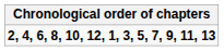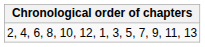 <table class="wikitable">
 <tr>
 <th>Chronological order of chapters</th>
 </tr>
 <tr>
-<td><strong>2, 4, 6, 8, 10, 12, 1, 3, 5, 7, 9, 11, 13</strong></td>
+<td>2, 4, 6, 8, 10, 12, 1, 3, 5, 7, 9, 11, 13</td>
 </tr>
 </table>
